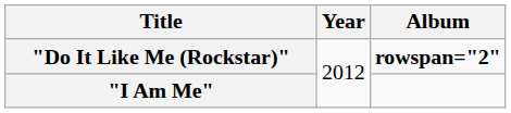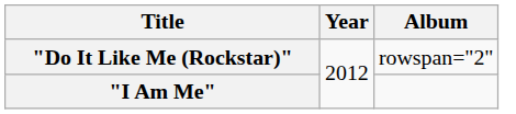 <table class="wikitable plainrowheaders" style="text-align:center;">
 <tr>
 <th scope="col" style="width:14em;">Title</th>
 <th scope="col">Year</th>
 <th scope="col">Album</th>
 </tr>
 <tr>
 <th scope="row">"Do It Like Me (Rockstar)"</th>
 <td rowspan="2">2012</td>
-<td><strong>rowspan="2" </strong></td>
+<td>rowspan="2" </td>
 </tr>
 <tr>
 <th scope="row">"I Am Me"</th>
 </tr>
 </table>
